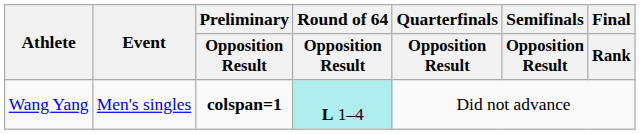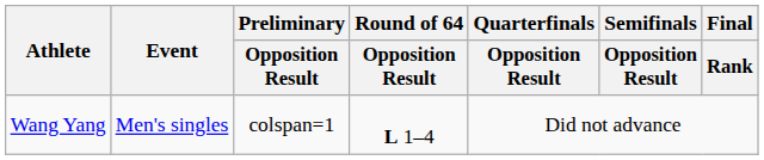 <table class="wikitable" style="font-size:90%;">
 <tr>
 <th rowspan=2>Athlete</th>
 <th rowspan=2>Event</th>
 <th>Preliminary</th>
 <th>Round of 64</th>
 <th>Quarterfinals</th>
 <th>Semifinals</th>
 <th colspan=2>Final</th>
 </tr>
 <tr style="font-size:95%">
 <th>Opposition<br>Result</th>
 <th>Opposition<br>Result</th>
 <th>Opposition<br>Result</th>
 <th>Opposition<br>Result</th>
 <th>Rank</th>
 </tr>
 <tr align=center>
 <td align=left><a href='#'>Wang Yang</a></td>
 <td align=left><a href='#'>Men's singles</a></td>
-<td><strong>colspan=1 </strong></td>
-<td style="background: paleturquoise;"><br><strong>L</strong> 1–4</td>
+<td>colspan=1 </td>
+<td><br><strong>L</strong> 1–4</td>
 <td colspan=3>Did not advance</td>
 </tr>
 </table>
